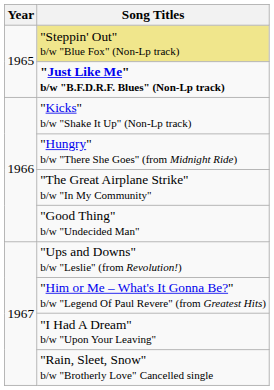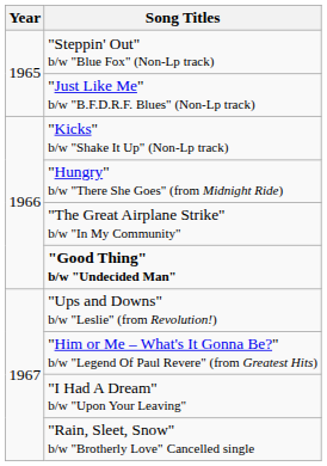 <table class="wikitable">
 <tr>
 <th>Year</th>
 <th>Song Titles</th>
 </tr>
 <tr>
 <td rowspan="2">1965</td>
-<td style="background: khaki;">"Steppin' Out"<br><small>b/w "Blue Fox" (Non-Lp track)</small></td>
+<td>"Steppin' Out"<br><small>b/w "Blue Fox" (Non-Lp track)</small></td>
 </tr>
 <tr>
-<td><strong>"<a href='#'>Just Like Me</a>"<br><small>b/w "B.F.D.R.F. Blues" (Non-Lp track)</small></strong></td>
+<td>"<a href='#'>Just Like Me</a>"<br><small>b/w "B.F.D.R.F. Blues" (Non-Lp track)</small></td>
 </tr>
 <tr>
 <td rowspan="4">1966</td>
 <td>"<a href='#'>Kicks</a>"<br><small>b/w "Shake It Up" (Non-Lp track)</small></td>
 </tr>
 <tr>
 <td>"<a href='#'>Hungry</a>"<br><small>b/w "There She Goes" (from <em>Midnight Ride</em>)</small></td>
 </tr>
 <tr>
 <td>"The Great Airplane Strike"<br><small>b/w "In My Community"</small></td>
 </tr>
 <tr>
-<td>"Good Thing"<br><small>b/w "Undecided Man"</small></td>
+<td><strong>"Good Thing"<br><small>b/w "Undecided Man"</small></strong></td>
 </tr>
 <tr>
 <td rowspan="4">1967</td>
 <td>"Ups and Downs"<br><small>b/w "Leslie" (from <em>Revolution!</em>)</small></td>
 </tr>
 <tr>
 <td>"<a href='#'>Him or Me – What's It Gonna Be?</a>"<br><small>b/w "Legend Of Paul Revere" (from <em>Greatest Hits</em>)</small></td>
 </tr>
 <tr>
 <td>"I Had A Dream"<br><small>b/w "Upon Your Leaving"</small></td>
 </tr>
 <tr>
 <td>"Rain, Sleet, Snow"<br><small>b/w "Brotherly Love"</small> <small>Cancelled single</small></td>
 </tr>
 </table>
